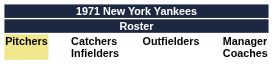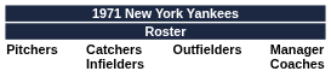 <table class="toccolours" style="font-size: 95%;">
 <tr>
 <th colspan="10" style="background-color: #1c2841; color: white; text-align: center;">1971 New York Yankees</th>
 </tr>
 <tr>
 <td colspan="10" style="background-color: #1c2841; color: white; text-align: center;"><strong>Roster</strong></td>
 </tr>
 <tr>
-<td valign="top" style="background: khaki;"><strong>Pitchers</strong><br>              </td>
+<td valign="top"><strong>Pitchers</strong><br>              </td>
 <td width="25px"></td>
 <td valign="top"><strong>Catchers</strong><br>  <strong>Infielders</strong>        </td>
 <td width="25px"></td>
 <td valign="top"><strong>Outfielders</strong><br>          </td>
 <td width="25px"></td>
 <td valign="top"><strong>Manager</strong><br> <strong>Coaches</strong>    </td>
 </tr>
 </table>
